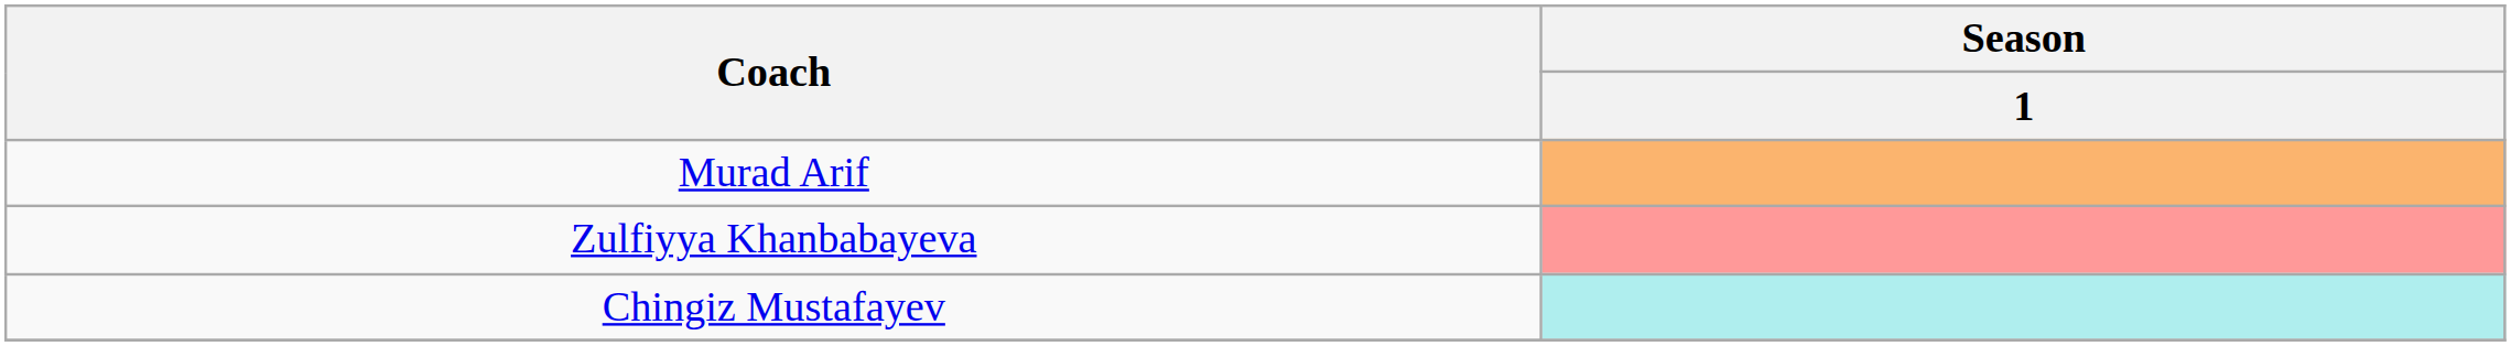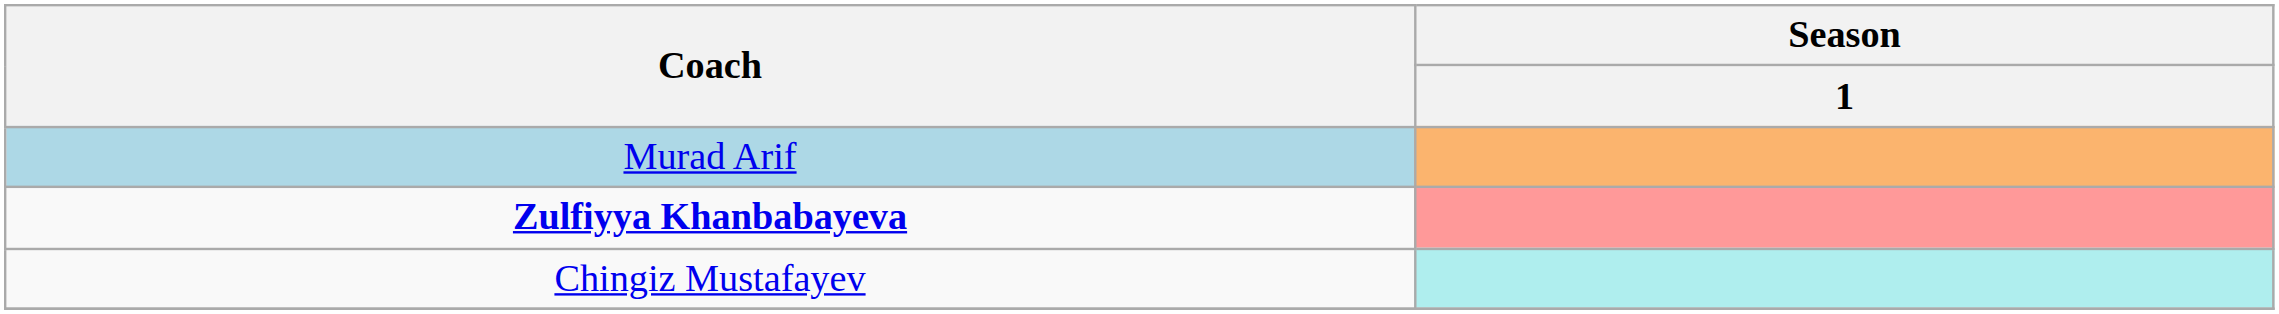 <table class="wikitable" style="width:60%; text-align:center">
 <tr>
 <th rowspan="2" width="100">Coach</th>
 <th colspan="3">Season</th>
 </tr>
 <tr>
 <th width="60">1</th>
 </tr>
 <tr>
-<td><a href='#'>Murad Arif</a></td>
+<td style="background: lightblue;"><a href='#'>Murad Arif</a></td>
 <td colspan="1" style="background:#fbb46e"></td>
 </tr>
 <tr>
-<td><a href='#'>Zulfiyya Khanbabayeva</a></td>
+<td><strong><a href='#'>Zulfiyya Khanbabayeva</a></strong></td>
 <td colspan="1" style="background:#ff9999"></td>
 </tr>
 <tr>
 <td><a href='#'>Chingiz Mustafayev</a></td>
 <td colspan="1" style="background:#afeeee"></td>
 </tr>
 <tr>
 </tr>
 </table>
